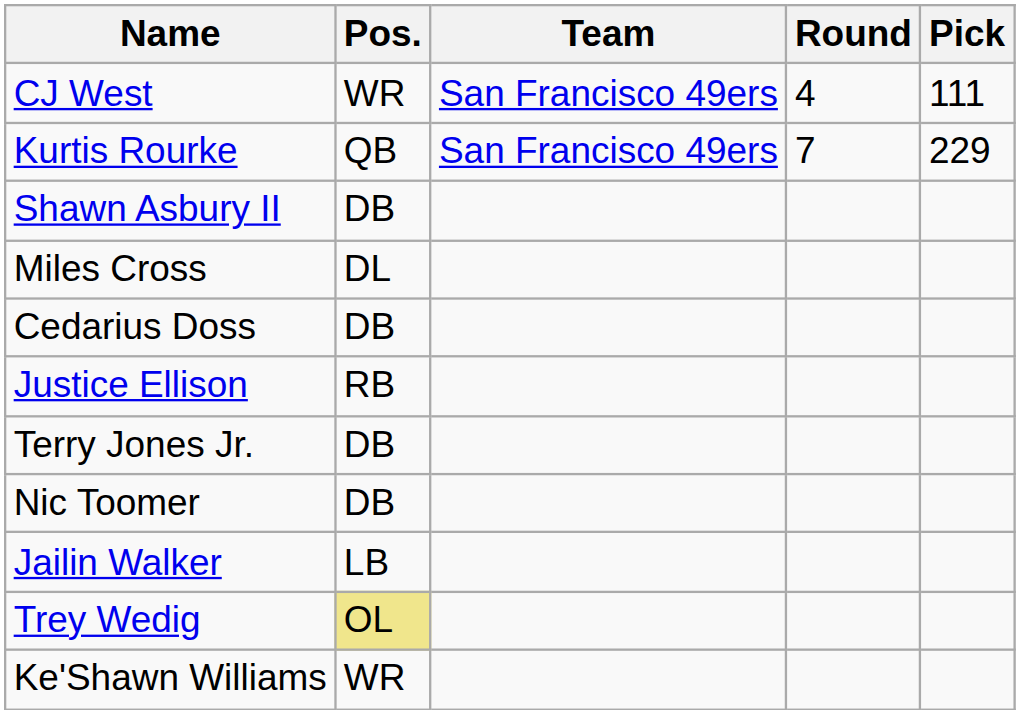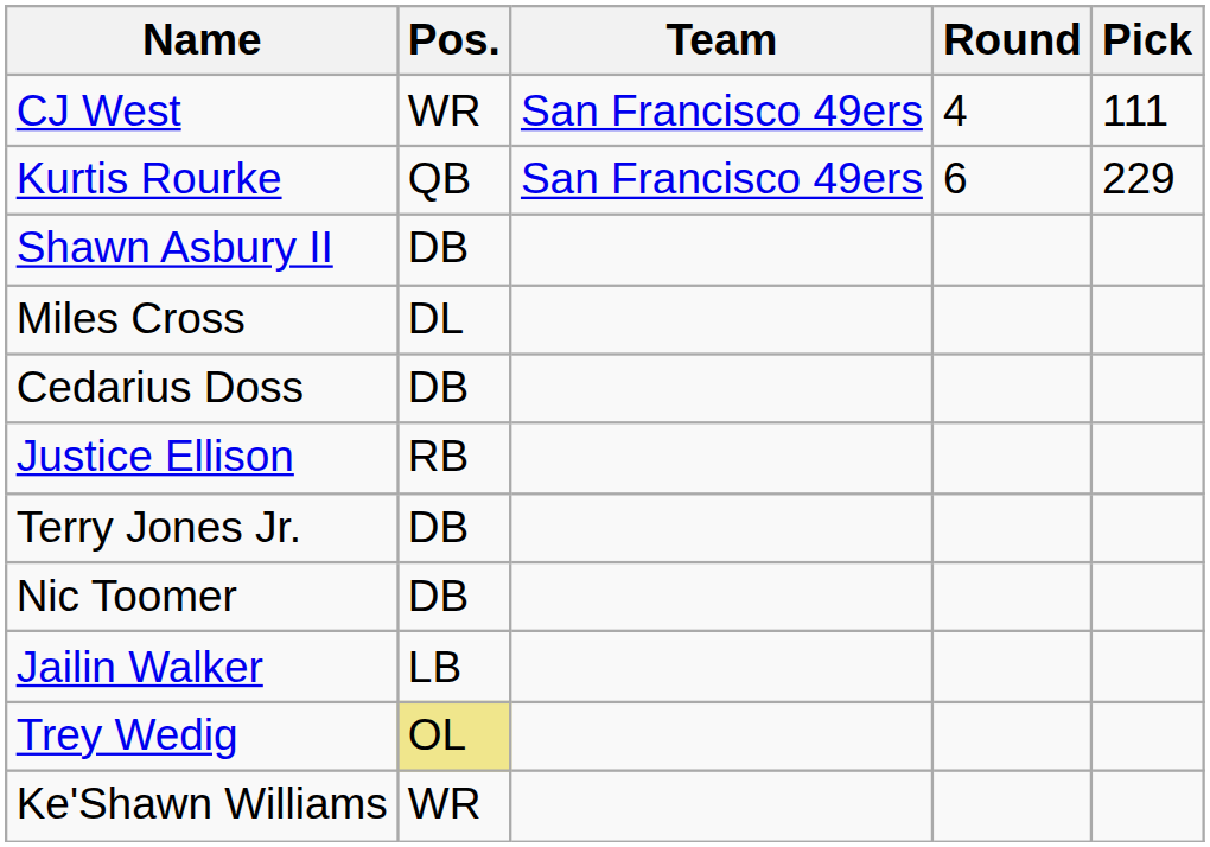 <table class="wikitable sortable" style="text-align:left">
 <tr>
 <th>Name</th>
 <th>Pos.</th>
 <th>Team</th>
 <th>Round</th>
 <th>Pick</th>
 </tr>
 <tr>
 <td><a href='#'>CJ West</a></td>
 <td>WR</td>
 <td><a href='#'>San Francisco 49ers</a></td>
 <td>4</td>
 <td>111</td>
 </tr>
 <tr>
 <td><a href='#'>Kurtis Rourke</a></td>
 <td>QB</td>
 <td><a href='#'>San Francisco 49ers</a></td>
-<td>7</td>
+<td>6</td>
 <td>229</td>
 </tr>
 <tr>
 <td><a href='#'>Shawn Asbury II</a></td>
 <td>DB</td>
 <td></td>
 <td></td>
 <td></td>
 </tr>
 <tr>
 <td>Miles Cross</td>
 <td>DL</td>
 <td></td>
 <td></td>
 <td></td>
 </tr>
 <tr>
 <td>Cedarius Doss</td>
 <td>DB</td>
 <td></td>
 <td></td>
 <td></td>
 </tr>
 <tr>
 <td><a href='#'>Justice Ellison</a></td>
 <td>RB</td>
 <td></td>
 <td></td>
 <td></td>
 </tr>
 <tr>
 <td>Terry Jones Jr.</td>
 <td>DB</td>
 <td></td>
 <td></td>
 <td></td>
 </tr>
 <tr>
 <td>Nic Toomer</td>
 <td>DB</td>
 <td></td>
 <td></td>
 <td></td>
 </tr>
 <tr>
 <td><a href='#'>Jailin Walker</a></td>
 <td>LB</td>
 <td></td>
 <td></td>
 <td></td>
 </tr>
 <tr>
 <td><a href='#'>Trey Wedig</a></td>
 <td style="background: khaki;">OL</td>
 <td></td>
 <td></td>
 <td></td>
 </tr>
 <tr>
 <td>Ke'Shawn Williams</td>
 <td>WR</td>
 <td></td>
 <td></td>
 <td></td>
 </tr>
 </table>
